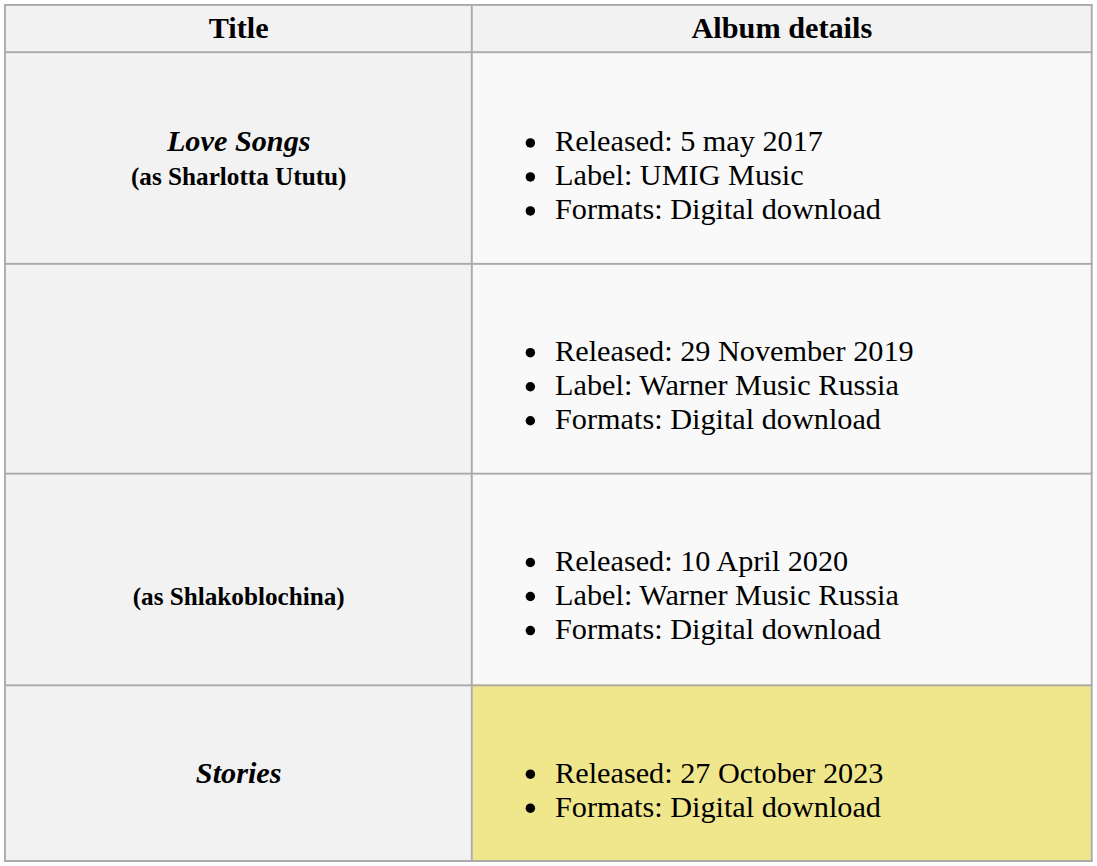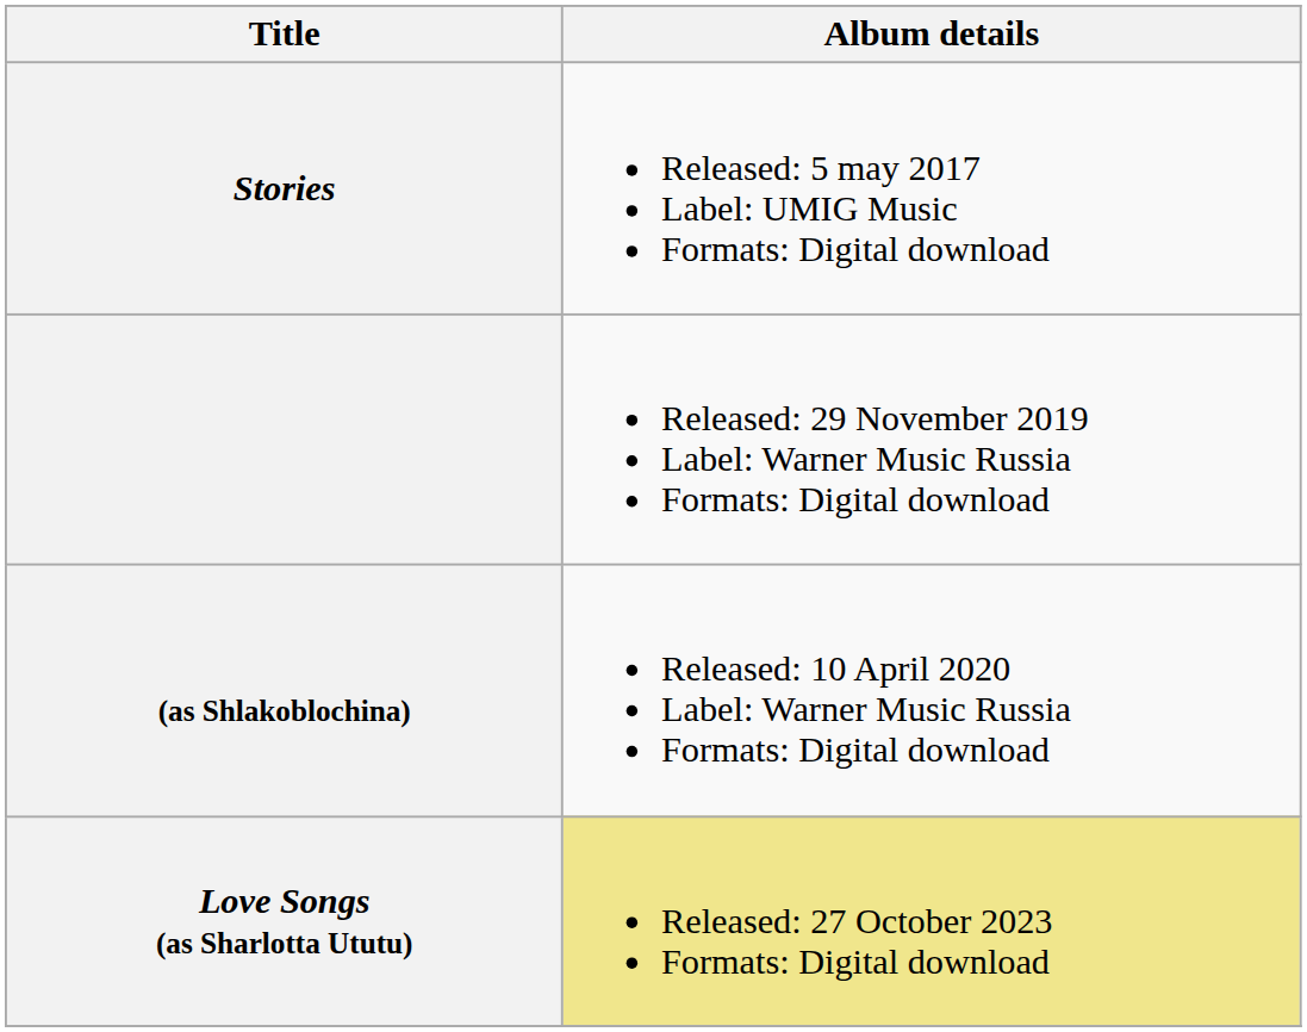 <table class="wikitable plainrowheaders" style="text-align:center;">
 <tr>
 <th style="width:15em;">Title</th>
 <th style="width:20em;">Album details</th>
 </tr>
 <tr>
-<th scope="row"><em>Love Songs</em><br><small>(as Sharlotta Ututu)</small></th>
+<th scope="row"><em>Stories</em></th>
 <td align=left><br><ul><li>Released: 5 may 2017</li><li>Label: UMIG Music</li><li>Formats: Digital download</li></ul></td>
 </tr>
 <tr>
 <th scope="row"><em></em></th>
 <td align=left><br><ul><li>Released: 29 November 2019</li><li>Label: Warner Music Russia</li><li>Formats: Digital download</li></ul></td>
 </tr>
 <tr>
 <th scope="row"><em></em><br><small>(as Shlakoblochina)</small></th>
 <td align=left><br><ul><li>Released: 10 April 2020</li><li>Label: Warner Music Russia</li><li>Formats: Digital download</li></ul></td>
 </tr>
 <tr>
-<th scope="row"><em>Stories</em></th>
+<th scope="row"><em>Love Songs</em><br><small>(as Sharlotta Ututu)</small></th>
 <td align=left style="background: khaki;"><br><ul><li>Released: 27 October 2023</li><li>Formats: Digital download</li></ul></td>
 </tr>
 <tr>
 </tr>
 </table>
